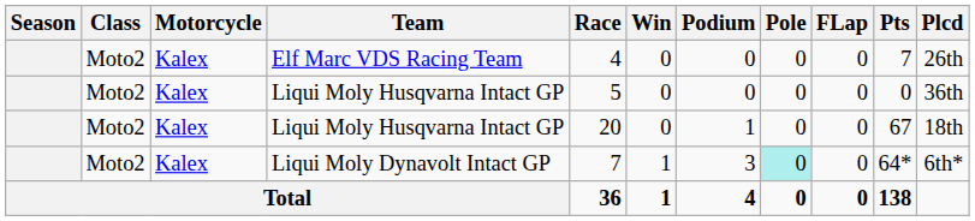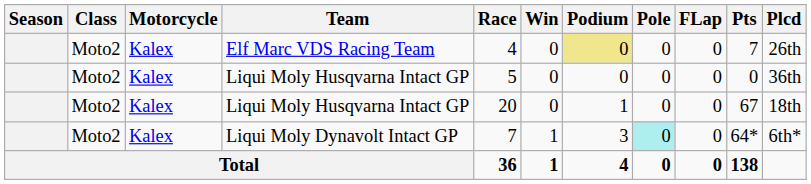 <table class="wikitable" style="text-align:right;">
 <tr>
 <th>Season</th>
 <th>Class</th>
 <th>Motorcycle</th>
 <th>Team</th>
 <th>Race</th>
 <th>Win</th>
 <th>Podium</th>
 <th>Pole</th>
 <th>FLap</th>
 <th>Pts</th>
 <th>Plcd</th>
 </tr>
 <tr>
 <th></th>
 <td>Moto2</td>
 <td style="text-align:left;"><a href='#'>Kalex</a></td>
 <td style="text-align:left;"><a href='#'>Elf Marc VDS Racing Team</a></td>
 <td>4</td>
 <td>0</td>
-<td>0</td>
+<td style="background: khaki;">0</td>
 <td>0</td>
 <td>0</td>
 <td>7</td>
 <td>26th</td>
 </tr>
 <tr>
 <th></th>
 <td>Moto2</td>
 <td style="text-align:left;"><a href='#'>Kalex</a></td>
 <td style="text-align:left;">Liqui Moly Husqvarna Intact GP</td>
 <td>5</td>
 <td>0</td>
 <td>0</td>
 <td>0</td>
 <td>0</td>
 <td>0</td>
 <td>36th</td>
 </tr>
 <tr>
 <th></th>
 <td>Moto2</td>
 <td style="text-align:left;"><a href='#'>Kalex</a></td>
 <td style="text-align:left;">Liqui Moly Husqvarna Intact GP</td>
 <td>20</td>
 <td>0</td>
 <td>1</td>
 <td>0</td>
 <td>0</td>
 <td>67</td>
 <td>18th</td>
 </tr>
 <tr>
 <th></th>
 <td>Moto2</td>
 <td style="text-align:left;"><a href='#'>Kalex</a></td>
 <td style="text-align:left;">Liqui Moly Dynavolt Intact GP</td>
 <td>7</td>
 <td>1</td>
 <td>3</td>
 <td style="background: paleturquoise;">0</td>
 <td>0</td>
 <td>64*</td>
 <td>6th*</td>
 </tr>
 <tr>
 <th colspan="4">Total</th>
 <td><strong>36</strong></td>
 <td><strong>1</strong></td>
 <td><strong>4</strong></td>
 <td><strong>0</strong></td>
 <td><strong>0</strong></td>
 <td><strong>138</strong></td>
 <td></td>
 </tr>
 </table>
